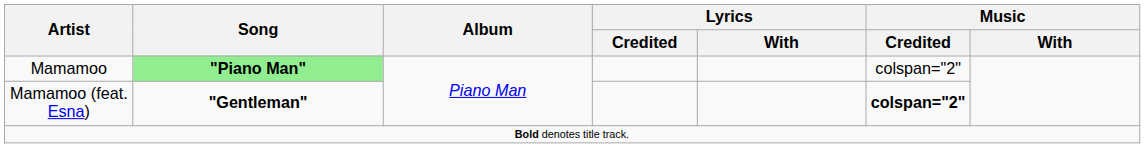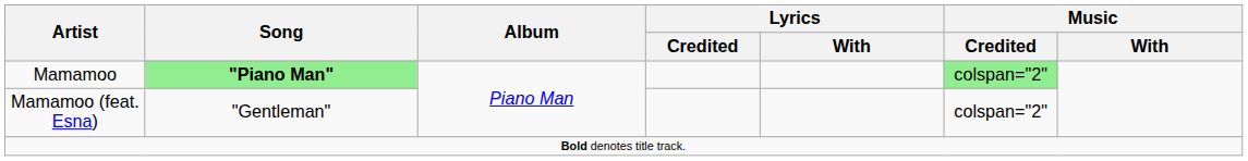 <table class="wikitable" style="text-align:center;">
 <tr>
 <th rowspan="2" style="width:7.5em;">Artist</th>
 <th rowspan="2" style="width:15em;">Song</th>
 <th rowspan="2" style="width:12.5em;">Album</th>
 <th colspan="2" style="width:16em;">Lyrics</th>
 <th colspan="2" style="width:16em;">Music</th>
 </tr>
 <tr>
 <th style="width:6em;">Credited</th>
 <th style="width:10em;">With</th>
 <th style="width:6em;">Credited</th>
 <th style="width:10em;">With</th>
 </tr>
 <tr>
 <td>Mamamoo</td>
 <td style="background: lightgreen;"><strong>"Piano Man"</strong></td>
 <td rowspan="2"><em><a href='#'>Piano Man</a></em></td>
 <td></td>
 <td></td>
-<td>colspan="2" </td>
+<td style="background: lightgreen;">colspan="2" </td>
 </tr>
 <tr>
 <td>Mamamoo (feat. <a href='#'>Esna</a>)</td>
-<td><strong>"Gentleman"</strong></td>
+<td>"Gentleman"</td>
 <td></td>
 <td></td>
-<td><strong>colspan="2" </strong></td>
+<td>colspan="2" </td>
 </tr>
 <tr>
 <td colspan="7" style="text-align:center; font-size:8pt;"><strong>Bold</strong> denotes title track.</td>
 </tr>
 </table>
